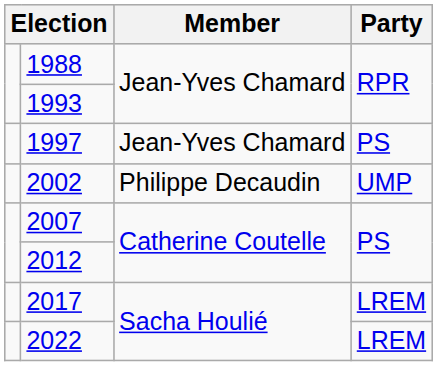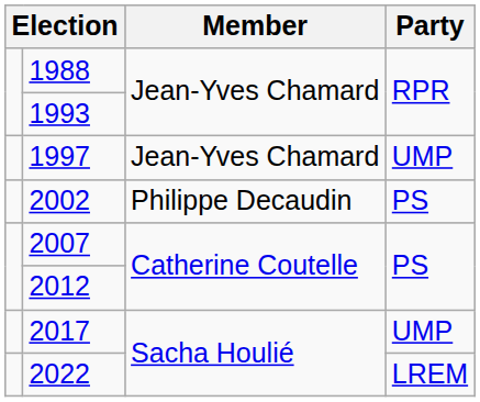 <table class="wikitable">
 <tr>
 <th colspan="2">Election</th>
 <th>Member</th>
 <th>Party</th>
 </tr>
 <tr>
 <td rowspan="2" style="background-color: "></td>
 <td><a href='#'>1988</a></td>
 <td rowspan="2">Jean-Yves Chamard</td>
 <td rowspan="2"><a href='#'>RPR</a></td>
 </tr>
 <tr>
 <td><a href='#'>1993</a></td>
 </tr>
 <tr>
 <td style="background-color: "></td>
 <td><a href='#'>1997</a></td>
 <td>Jean-Yves Chamard</td>
-<td><a href='#'>PS</a></td>
+<td><a href='#'>UMP</a></td>
 </tr>
 <tr>
 <td style="background-color: "></td>
 <td><a href='#'>2002</a></td>
 <td>Philippe Decaudin</td>
-<td><a href='#'>UMP</a></td>
+<td><a href='#'>PS</a></td>
 </tr>
 <tr>
 <td rowspan="2" style="background-color: "></td>
 <td><a href='#'>2007</a></td>
 <td rowspan="2"><a href='#'>Catherine Coutelle</a></td>
 <td rowspan="2"><a href='#'>PS</a></td>
 </tr>
 <tr>
 <td><a href='#'>2012</a></td>
 </tr>
 <tr>
 <td style="background-color: "></td>
 <td><a href='#'>2017</a></td>
 <td rowspan="2"><a href='#'>Sacha Houlié</a></td>
-<td><a href='#'>LREM</a></td>
+<td><a href='#'>UMP</a></td>
 </tr>
 <tr>
 <td style="background-color: "></td>
 <td><a href='#'>2022</a></td>
 <td><a href='#'>LREM</a></td>
 </tr>
 </table>
